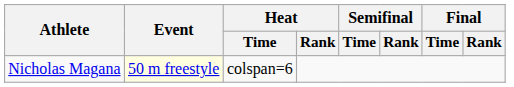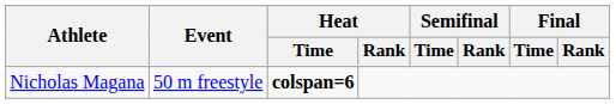 <table class=wikitable style="font-size:90%">
 <tr>
 <th rowspan=2>Athlete</th>
 <th rowspan=2>Event</th>
 <th colspan="2">Heat</th>
 <th colspan="2">Semifinal</th>
 <th colspan="2">Final</th>
 </tr>
 <tr style="font-size:95%">
 <th>Time</th>
 <th>Rank</th>
 <th>Time</th>
 <th>Rank</th>
 <th>Time</th>
 <th>Rank</th>
 </tr>
 <tr align=center>
 <td align=left><a href='#'>Nicholas Magana</a></td>
-<td align=left style="background: lightyellow;"><a href='#'>50 m freestyle</a></td>
-<td>colspan=6 </td>
+<td align=left><a href='#'>50 m freestyle</a></td>
+<td><strong>colspan=6 </strong></td>
 </tr>
 </table>
